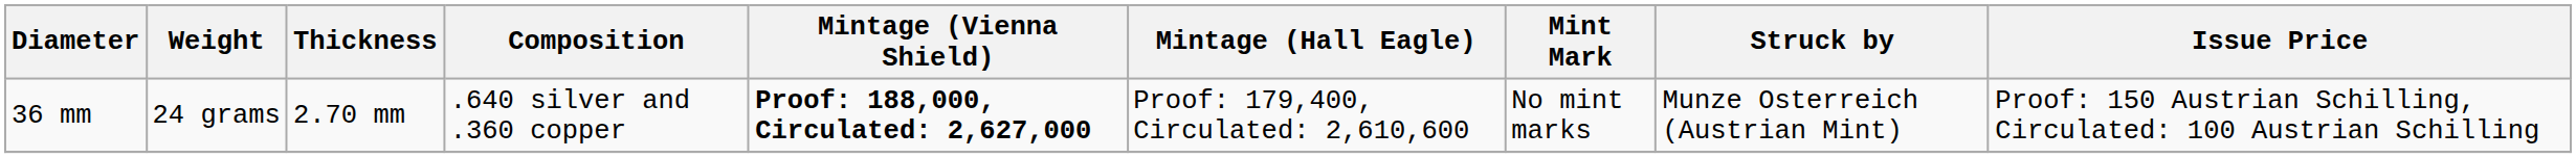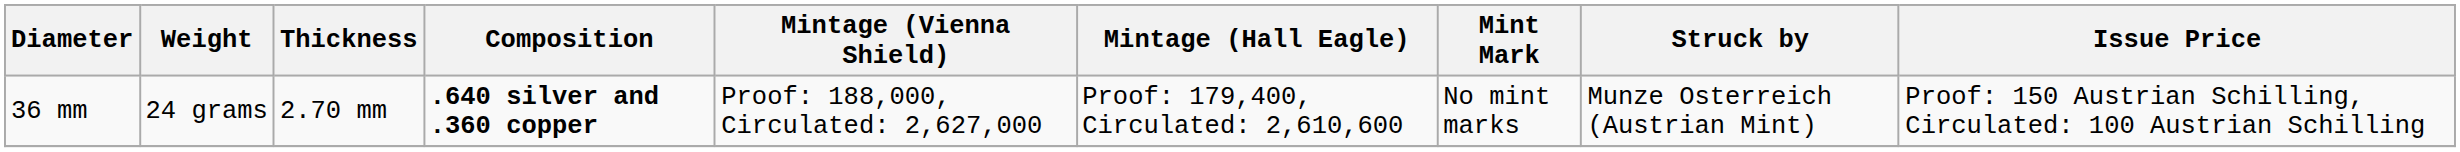 <table class="wikitable">
 <tr>
 <th>Diameter</th>
 <th>Weight</th>
 <th>Thickness</th>
 <th>Composition</th>
 <th>Mintage (Vienna Shield)</th>
 <th>Mintage (Hall Eagle)</th>
 <th>Mint Mark</th>
 <th>Struck by</th>
 <th>Issue Price</th>
 </tr>
 <tr>
 <td>36 mm</td>
 <td>24 grams</td>
 <td>2.70 mm</td>
-<td>.640 silver and .360 copper</td>
-<td><strong>Proof: 188,000, Circulated: 2,627,000</strong></td>
+<td><strong>.640 silver and .360 copper</strong></td>
+<td>Proof: 188,000, Circulated: 2,627,000</td>
 <td>Proof: 179,400, Circulated: 2,610,600</td>
 <td>No mint marks</td>
 <td>Munze Osterreich (Austrian Mint)</td>
 <td>Proof: 150 Austrian Schilling, Circulated: 100 Austrian Schilling</td>
 </tr>
 <tr>
 </tr>
 </table>
